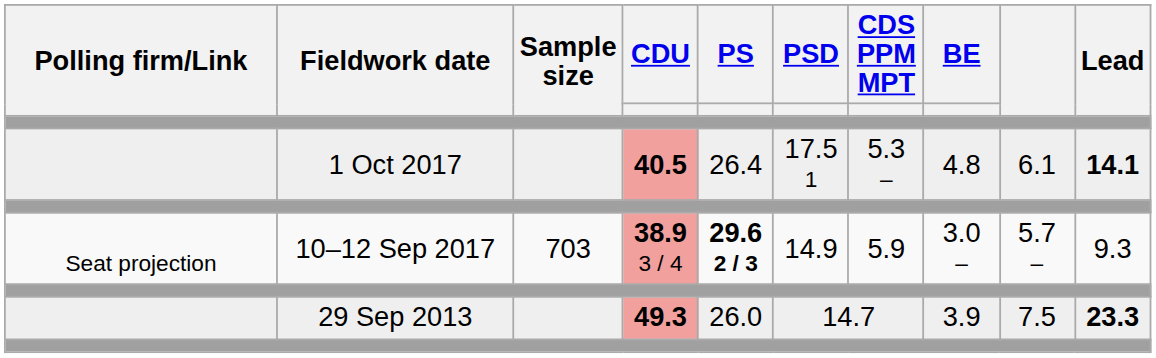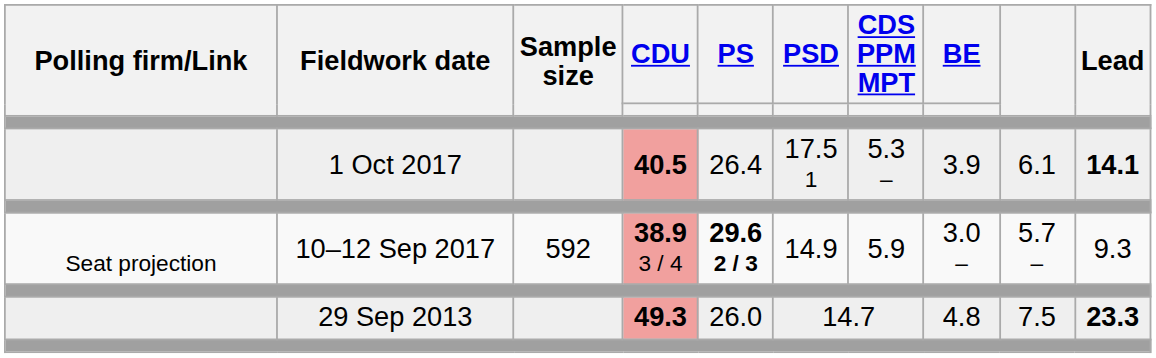 <table class="wikitable collapsible sortable" style="text-align:center; font-size:95%; line-height:16px;">
 <tr style="height:42px;">
 <th style="width:145px;" rowspan="2">Polling firm/Link</th>
 <th style="width:125px;" rowspan="2">Fieldwork date</th>
 <th class="unsortable" style="width:50px;" rowspan="2">Sample size</th>
 <th class="unsortable" style="width:35px;"><a href='#'>CDU</a></th>
 <th class="unsortable" style="width:35px;"><a href='#'>PS</a></th>
 <th class="unsortable" style="width:35px;"><a href='#'>PSD</a></th>
 <th class="unsortable" style="width:35px;"><a href='#'>CDS</a><br><a href='#'>PPM</a><br><a href='#'>MPT</a></th>
 <th class="unsortable" style="width:35px;"><a href='#'>BE</a></th>
 <th class="unsortable" style="width:35px;" rowspan="2"></th>
 <th class="unsortable" style="width:30px;" rowspan="2">Lead</th>
 </tr>
 <tr>
 <th class="unsortable" style="color:inherit;background:"></th>
 <th class="unsortable" style="color:inherit;background:"></th>
 <th class="unsortable" style="color:inherit;background:"></th>
 <th class="unsortable" style="color:inherit;background:"></th>
 <th class="unsortable" style="color:inherit;background:"></th>
 </tr>
 <tr>
 <td colspan="11" style="background:#A0A0A0"></td>
 </tr>
 <tr style="background:#EFEFEF;">
 <td><strong></strong></td>
 <td data-sort-value="2019-10-06">1 Oct 2017</td>
 <td></td>
 <td style="background:#F1A09E"><strong>40.5</strong><br></td>
 <td>26.4<br></td>
 <td align="center">17.5<br><small>1</small></td>
 <td align="center">5.3<br><small>–</small></td>
-<td>4.8<br></td>
+<td>3.9<br></td>
 <td>6.1</td>
 <td style="background:"><strong>14.1</strong></td>
 </tr>
 <tr>
 <td colspan="11" style="background:#A0A0A0"></td>
 </tr>
 <tr>
 <td align="center"><br><small>Seat projection</small></td>
 <td align="center">10–12 Sep 2017</td>
-<td>703</td>
+<td>592</td>
 <td align="center" style="background:#F1A09E"><strong>38.9</strong><br><small>3 / 4</small></td>
 <td align="center"><strong>29.6<br><small>2 / 3</small></strong></td>
 <td>14.9<br></td>
 <td>5.9<br></td>
 <td align="center">3.0<br><small>–</small></td>
 <td align="center">5.7<br><small>–</small></td>
 <td style="background:">9.3</td>
 </tr>
 <tr>
 <td colspan="11" style="background:#A0A0A0"></td>
 </tr>
 <tr style="background:#EFEFEF;">
 <td><strong></strong></td>
 <td data-sort-value="2019-10-06">29 Sep 2013</td>
 <td></td>
 <td style="background:#F1A09E"><strong>49.3</strong><br></td>
 <td>26.0<br></td>
 <td colspan="2">14.7<br></td>
-<td>3.9<br></td>
+<td>4.8<br></td>
 <td>7.5<br></td>
 <td style="background:"><strong>23.3</strong></td>
 </tr>
 <tr>
 <td colspan="11" style="background:#A0A0A0"></td>
 </tr>
 </table>
